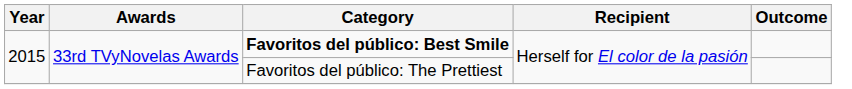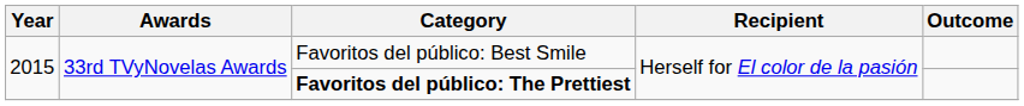 <table class="wikitable sortable">
 <tr>
 <th>Year</th>
 <th>Awards</th>
 <th>Category</th>
 <th>Recipient</th>
 <th>Outcome</th>
 </tr>
 <tr>
 <td rowspan="2">2015</td>
 <td rowspan="2"><a href='#'>33rd TVyNovelas Awards</a></td>
-<td><strong>Favoritos del público: Best Smile</strong></td>
+<td>Favoritos del público: Best Smile</td>
 <td rowspan="2">Herself for <em><a href='#'>El color de la pasión</a></em></td>
 <td></td>
 </tr>
 <tr>
-<td>Favoritos del público: The Prettiest</td>
+<td><strong>Favoritos del público: The Prettiest</strong></td>
 <td></td>
 </tr>
 <tr>
 </tr>
 </table>
